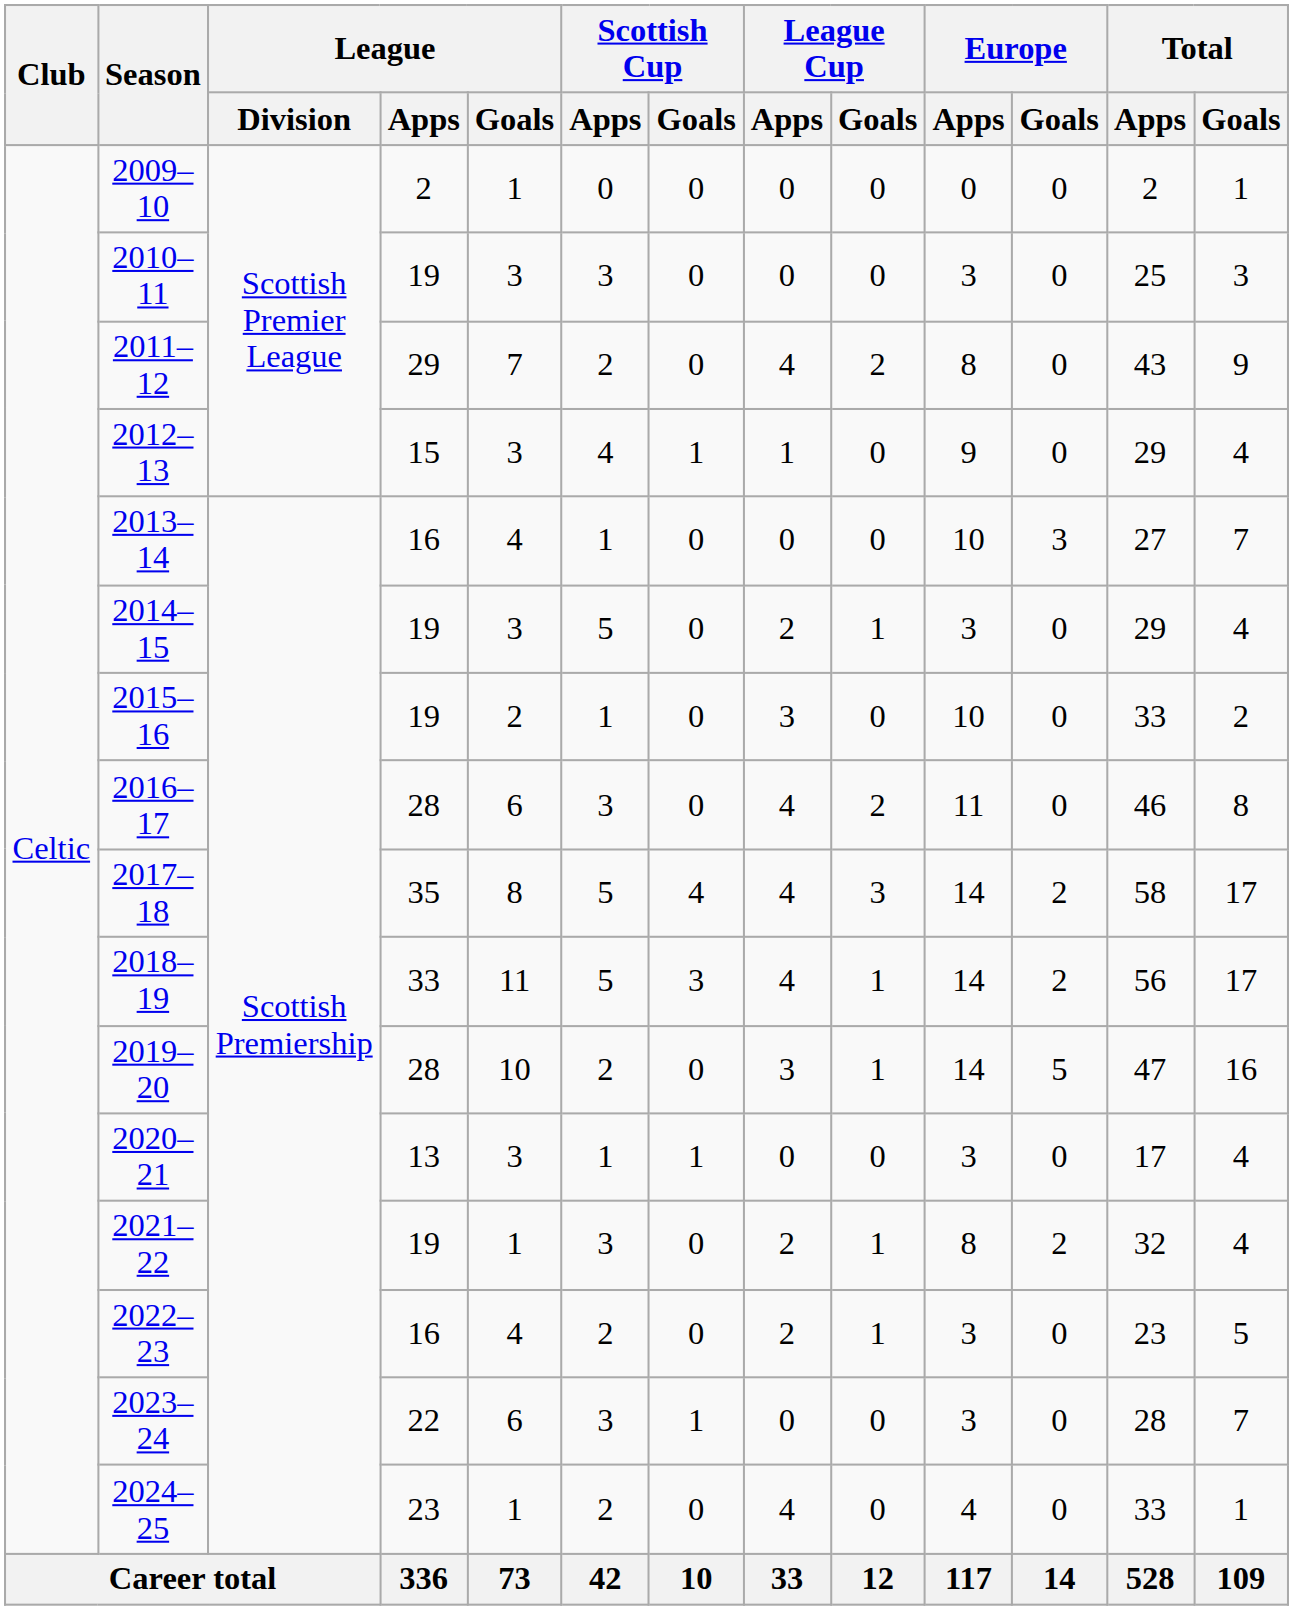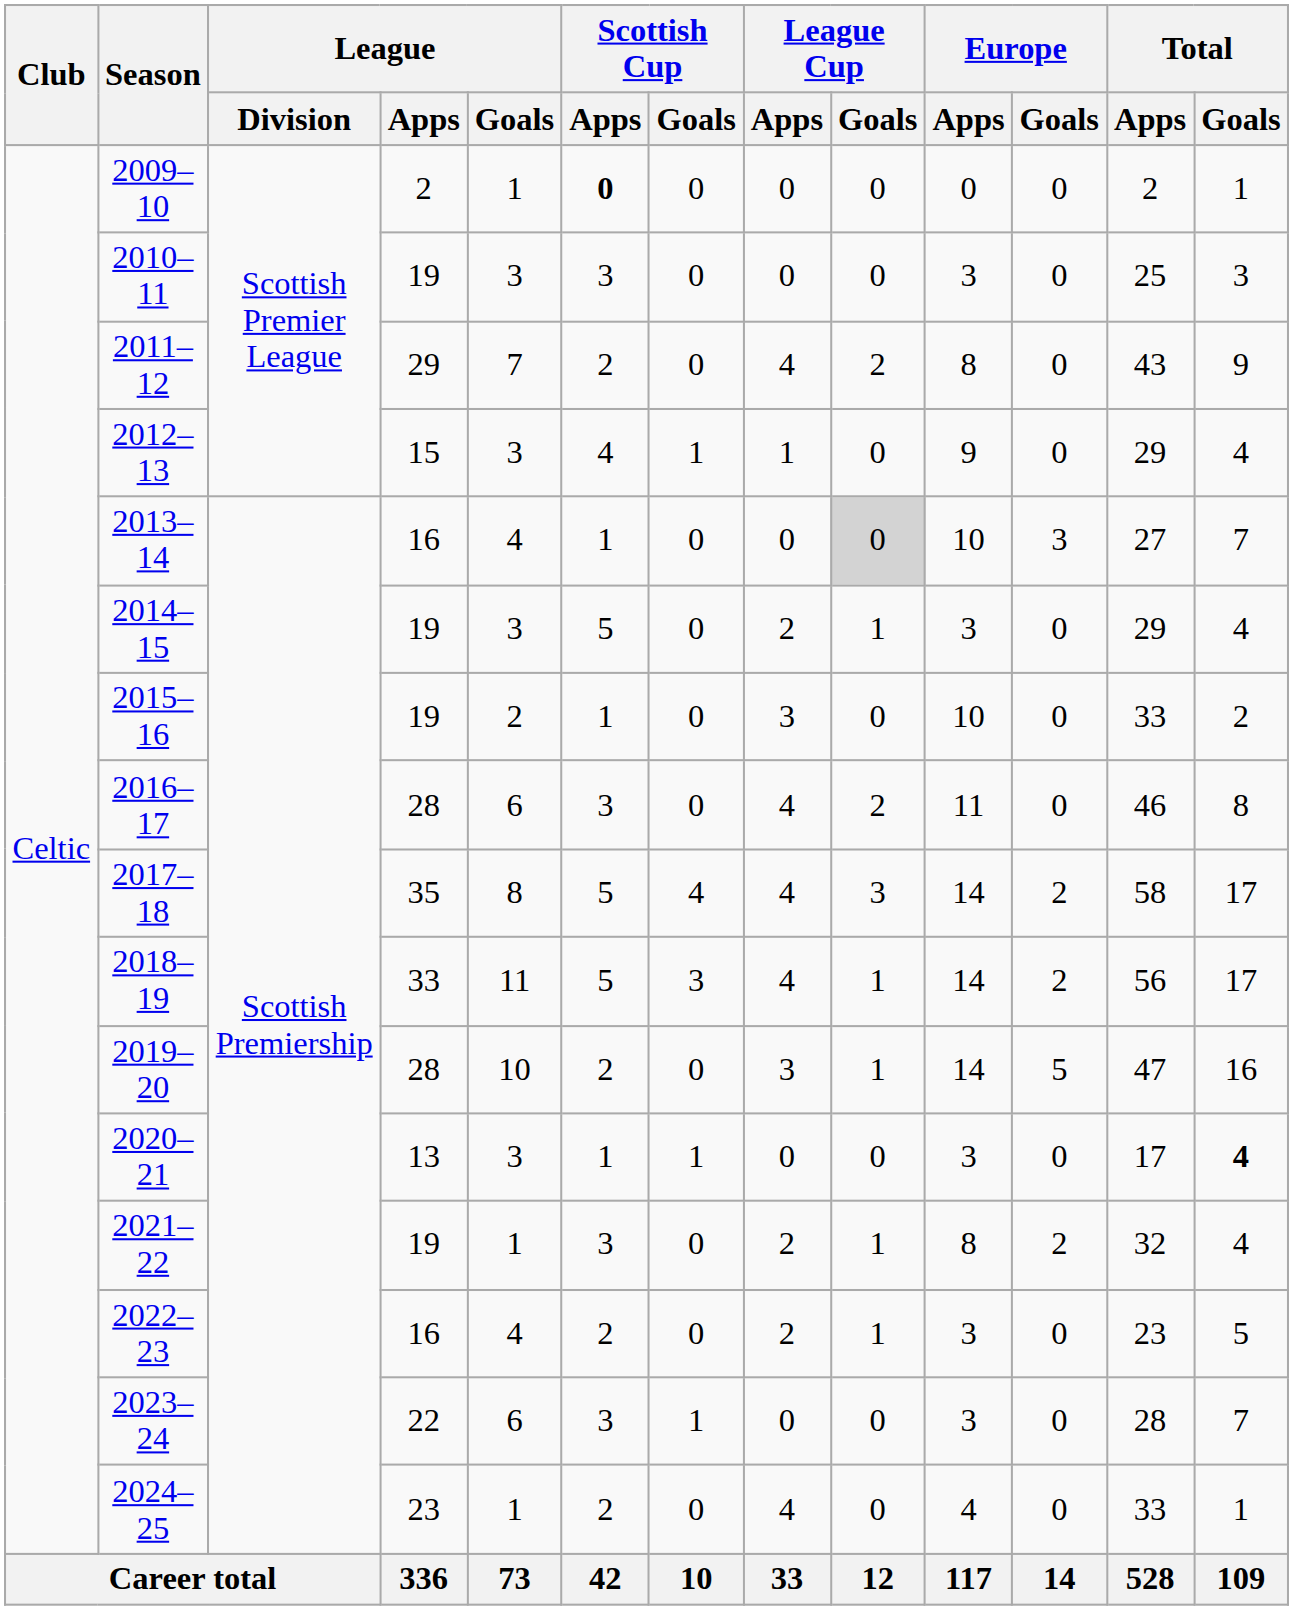 <table class="wikitable" style="text-align:center">
 <tr>
 <th rowspan=2>Club</th>
 <th rowspan=2>Season</th>
 <th colspan=3>League</th>
 <th colspan=2><a href='#'>Scottish Cup</a></th>
 <th colspan=2><a href='#'>League Cup</a></th>
 <th colspan=2><a href='#'>Europe</a></th>
 <th colspan=2>Total</th>
 </tr>
 <tr>
 <th>Division</th>
 <th>Apps</th>
 <th>Goals</th>
 <th>Apps</th>
 <th>Goals</th>
 <th>Apps</th>
 <th>Goals</th>
 <th>Apps</th>
 <th>Goals</th>
 <th>Apps</th>
 <th>Goals</th>
 </tr>
 <tr>
 <td rowspan="16"><a href='#'>Celtic</a></td>
 <td><a href='#'>2009–10</a></td>
 <td rowspan="4"><a href='#'>Scottish Premier League</a></td>
 <td>2</td>
 <td>1</td>
-<td>0</td>
+<td><strong>0</strong></td>
 <td>0</td>
 <td>0</td>
 <td>0</td>
 <td>0</td>
 <td>0</td>
 <td>2</td>
 <td>1</td>
 </tr>
 <tr>
 <td><a href='#'>2010–11</a></td>
 <td>19</td>
 <td>3</td>
 <td>3</td>
 <td>0</td>
 <td>0</td>
 <td>0</td>
 <td>3</td>
 <td>0</td>
 <td>25</td>
 <td>3</td>
 </tr>
 <tr>
 <td><a href='#'>2011–12</a></td>
 <td>29</td>
 <td>7</td>
 <td>2</td>
 <td>0</td>
 <td>4</td>
 <td>2</td>
 <td>8</td>
 <td>0</td>
 <td>43</td>
 <td>9</td>
 </tr>
 <tr>
 <td><a href='#'>2012–13</a></td>
 <td>15</td>
 <td>3</td>
 <td>4</td>
 <td>1</td>
 <td>1</td>
 <td>0</td>
 <td>9</td>
 <td>0</td>
 <td>29</td>
 <td>4</td>
 </tr>
 <tr>
 <td><a href='#'>2013–14</a></td>
 <td rowspan="12"><a href='#'>Scottish Premiership</a></td>
 <td>16</td>
 <td>4</td>
 <td>1</td>
 <td>0</td>
 <td>0</td>
-<td>0</td>
+<td style="background: lightgrey;">0</td>
 <td>10</td>
 <td>3</td>
 <td>27</td>
 <td>7</td>
 </tr>
 <tr>
 <td><a href='#'>2014–15</a></td>
 <td>19</td>
 <td>3</td>
 <td>5</td>
 <td>0</td>
 <td>2</td>
 <td>1</td>
 <td>3</td>
 <td>0</td>
 <td>29</td>
 <td>4</td>
 </tr>
 <tr>
 <td><a href='#'>2015–16</a></td>
 <td>19</td>
 <td>2</td>
 <td>1</td>
 <td>0</td>
 <td>3</td>
 <td>0</td>
 <td>10</td>
 <td>0</td>
 <td>33</td>
 <td>2</td>
 </tr>
 <tr>
 <td><a href='#'>2016–17</a></td>
 <td>28</td>
 <td>6</td>
 <td>3</td>
 <td>0</td>
 <td>4</td>
 <td>2</td>
 <td>11</td>
 <td>0</td>
 <td>46</td>
 <td>8</td>
 </tr>
 <tr>
 <td><a href='#'>2017–18</a></td>
 <td>35</td>
 <td>8</td>
 <td>5</td>
 <td>4</td>
 <td>4</td>
 <td>3</td>
 <td>14</td>
 <td>2</td>
 <td>58</td>
 <td>17</td>
 </tr>
 <tr>
 <td><a href='#'>2018–19</a></td>
 <td>33</td>
 <td>11</td>
 <td>5</td>
 <td>3</td>
 <td>4</td>
 <td>1</td>
 <td>14</td>
 <td>2</td>
 <td>56</td>
 <td>17</td>
 </tr>
 <tr>
 <td><a href='#'>2019–20</a></td>
 <td>28</td>
 <td>10</td>
 <td>2</td>
 <td>0</td>
 <td>3</td>
 <td>1</td>
 <td>14</td>
 <td>5</td>
 <td>47</td>
 <td>16</td>
 </tr>
 <tr>
 <td><a href='#'>2020–21</a></td>
 <td>13</td>
 <td>3</td>
 <td>1</td>
 <td>1</td>
 <td>0</td>
 <td>0</td>
 <td>3</td>
 <td>0</td>
 <td>17</td>
-<td>4</td>
+<td><strong>4</strong></td>
 </tr>
 <tr>
 <td><a href='#'>2021–22</a></td>
 <td>19</td>
 <td>1</td>
 <td>3</td>
 <td>0</td>
 <td>2</td>
 <td>1</td>
 <td>8</td>
 <td>2</td>
 <td>32</td>
 <td>4</td>
 </tr>
 <tr>
 <td><a href='#'>2022–23</a></td>
 <td>16</td>
 <td>4</td>
 <td>2</td>
 <td>0</td>
 <td>2</td>
 <td>1</td>
 <td>3</td>
 <td>0</td>
 <td>23</td>
 <td>5</td>
 </tr>
 <tr>
 <td><a href='#'>2023–24</a></td>
 <td>22</td>
 <td>6</td>
 <td>3</td>
 <td>1</td>
 <td>0</td>
 <td>0</td>
 <td>3</td>
 <td>0</td>
 <td>28</td>
 <td>7</td>
 </tr>
 <tr>
 <td><a href='#'>2024–25</a></td>
 <td>23</td>
 <td>1</td>
 <td>2</td>
 <td>0</td>
 <td>4</td>
 <td>0</td>
 <td>4</td>
 <td>0</td>
 <td>33</td>
 <td>1</td>
 </tr>
 <tr>
 <th colspan="3">Career total</th>
 <th>336</th>
 <th>73</th>
 <th>42</th>
 <th>10</th>
 <th>33</th>
 <th>12</th>
 <th>117</th>
 <th>14</th>
 <th>528</th>
 <th>109</th>
 </tr>
 </table>
